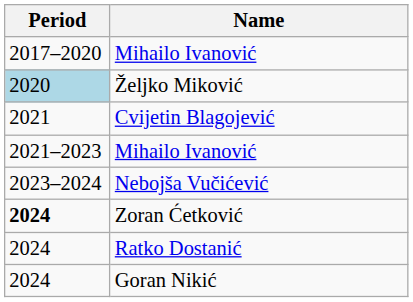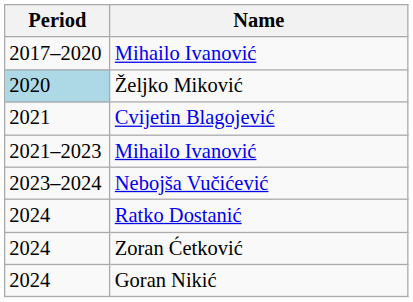 <table class="wikitable">
 <tr>
 <th width="75">Period</th>
 <th width="225">Name</th>
 </tr>
 <tr>
 <td>2017–2020</td>
 <td> <a href='#'>Mihailo Ivanović</a></td>
 </tr>
 <tr>
 <td style="background: lightblue;">2020</td>
 <td> Željko Miković</td>
 </tr>
 <tr>
 <td>2021</td>
 <td> <a href='#'>Cvijetin Blagojević</a></td>
 </tr>
 <tr>
 <td>2021–2023</td>
 <td> <a href='#'>Mihailo Ivanović</a></td>
 </tr>
 <tr>
 <td>2023–2024</td>
 <td> <a href='#'>Nebojša Vučićević</a></td>
 </tr>
 <tr>
-<td><strong>2024</strong></td>
-<td> Zoran Ćetković</td>
+<td>2024</td>
+<td> <a href='#'>Ratko Dostanić</a></td>
 </tr>
 <tr>
 <td>2024</td>
-<td> <a href='#'>Ratko Dostanić</a></td>
+<td> Zoran Ćetković</td>
 </tr>
 <tr>
 <td>2024</td>
 <td> Goran Nikić</td>
 </tr>
 </table>
